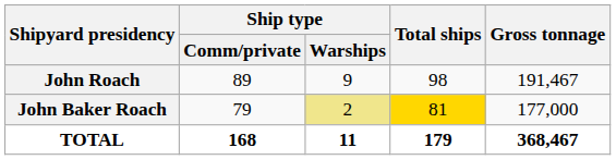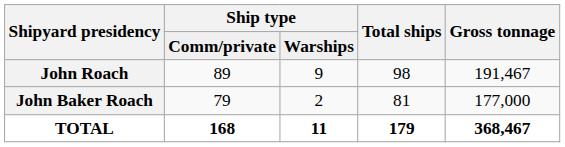 <table class="wikitable">
 <tr>
 <th rowspan="2">Shipyard presidency</th>
 <th colspan="2">Ship type</th>
 <th rowspan="2">Total ships</th>
 <th rowspan="2">Gross tonnage</th>
 </tr>
 <tr style="background:#f0f0f0;">
 <td align="center"><strong>Comm/private</strong></td>
 <td align="center"><strong>Warships</strong></td>
 </tr>
 <tr align="center">
 <th align="left">John Roach</th>
 <td>89</td>
 <td>9</td>
 <td>98</td>
 <td>191,467</td>
 </tr>
 <tr align="center">
 <th align="left">John Baker Roach</th>
 <td>79</td>
-<td style="background: khaki;">2</td>
-<td style="background: gold;">81</td>
+<td>2</td>
+<td>81</td>
 <td>177,000</td>
 </tr>
 <tr align="center" style="background:white; font-weight:600;">
 <td><strong>TOTAL</strong></td>
 <td>168</td>
 <td>11</td>
 <td>179</td>
 <td>368,467</td>
 </tr>
 </table>
